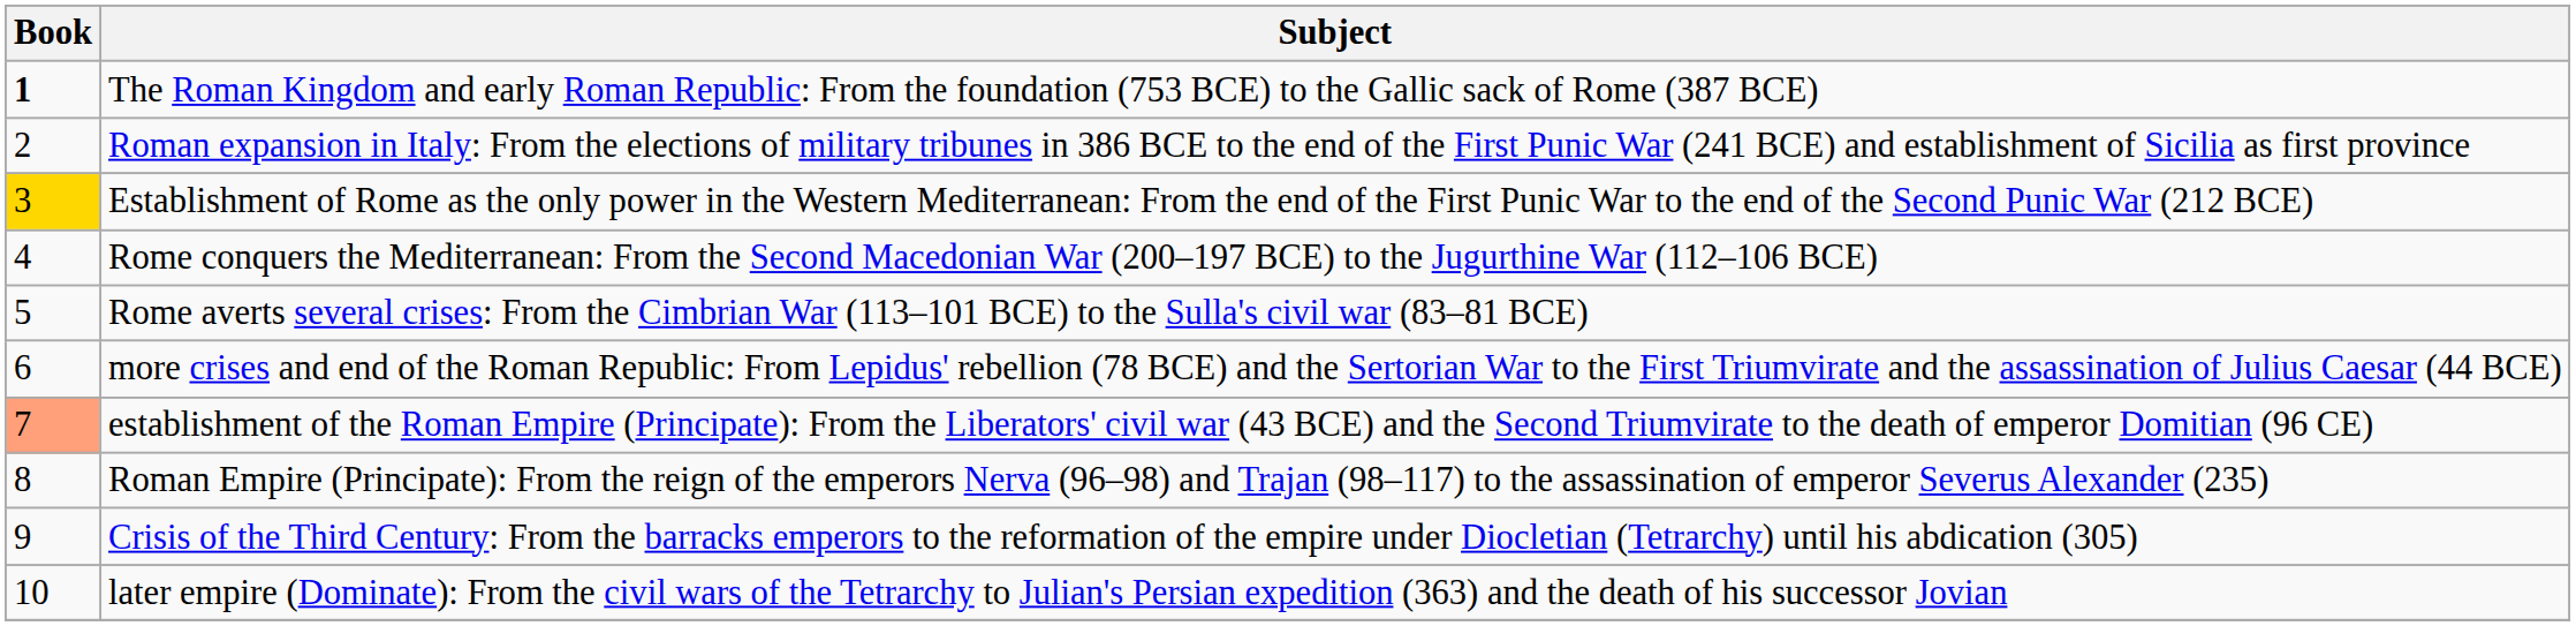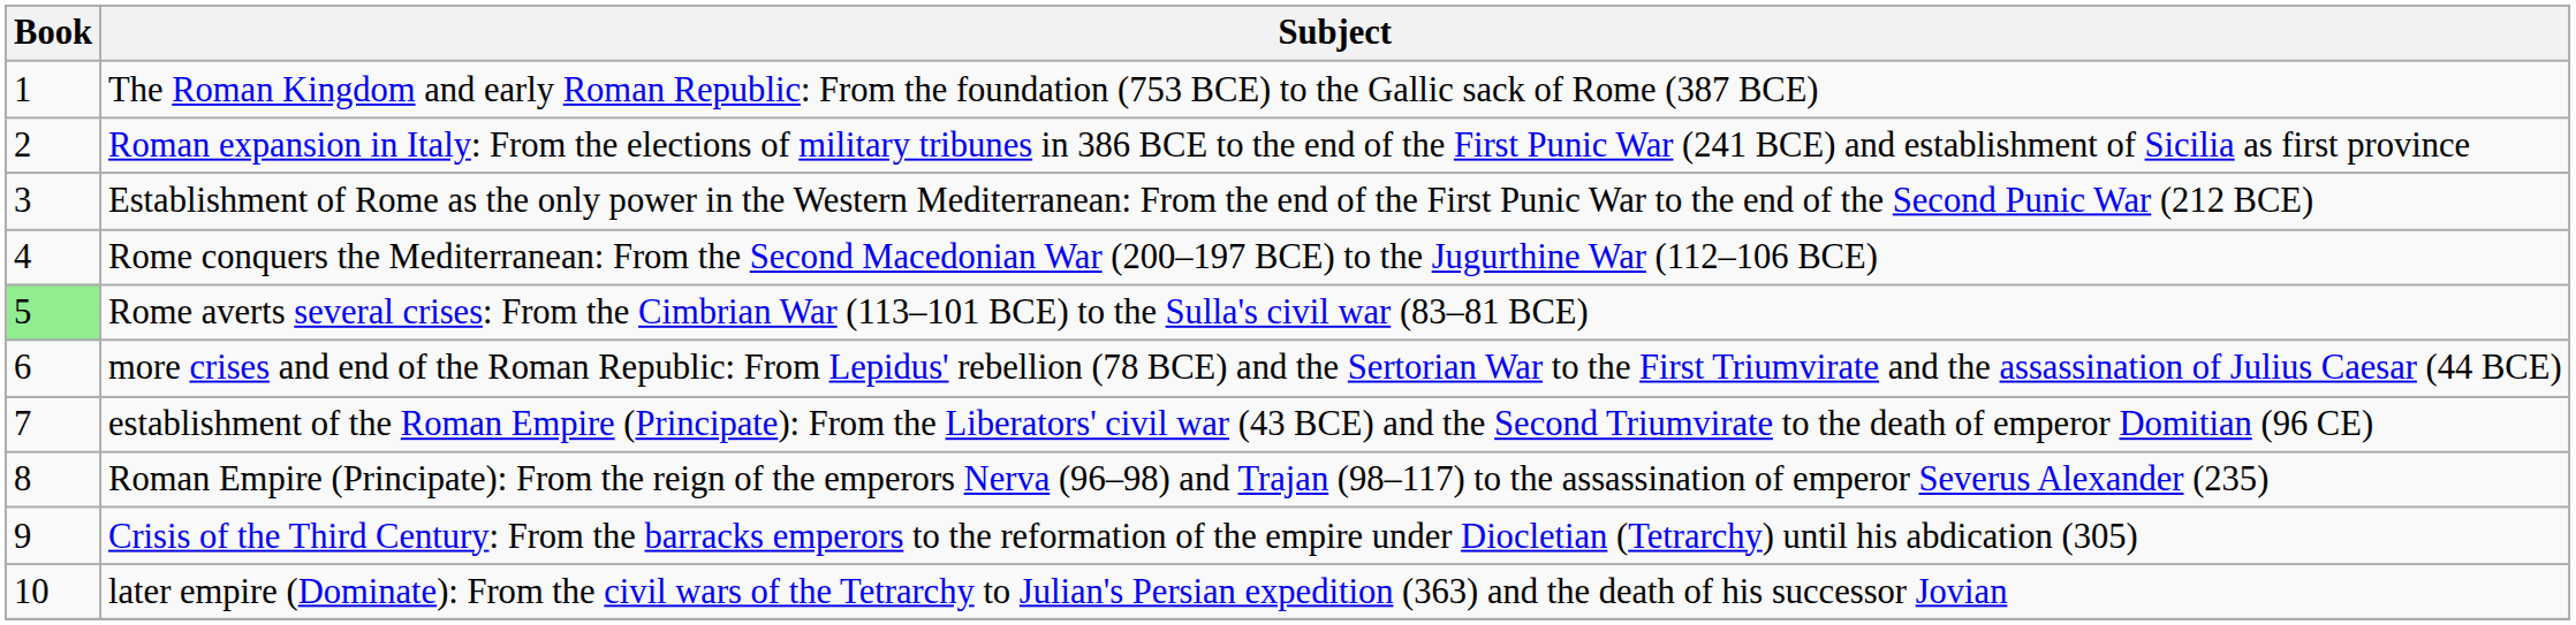 <table class="wikitable">
 <tr>
 <th>Book</th>
 <th>Subject</th>
 </tr>
 <tr>
-<td><strong>1</strong></td>
+<td>1</td>
 <td>The <a href='#'>Roman Kingdom</a> and early <a href='#'>Roman Republic</a>: From the foundation (753 BCE) to the Gallic sack of Rome (387 BCE)</td>
 </tr>
 <tr>
 <td>2</td>
 <td><a href='#'>Roman expansion in Italy</a>: From the elections of <a href='#'>military tribunes</a> in 386 BCE to the end of the <a href='#'>First Punic War</a> (241 BCE) and establishment of <a href='#'>Sicilia</a> as first province</td>
 </tr>
 <tr>
-<td style="background: gold;">3</td>
+<td>3</td>
 <td>Establishment of Rome as the only power in the Western Mediterranean: From the end of the First Punic War to the end of the <a href='#'>Second Punic War</a> (212 BCE)</td>
 </tr>
 <tr>
 <td>4</td>
 <td>Rome conquers the Mediterranean: From the <a href='#'>Second Macedonian War</a> (200–197 BCE) to the <a href='#'>Jugurthine War</a> (112–106 BCE)</td>
 </tr>
 <tr>
-<td>5</td>
+<td style="background: lightgreen;">5</td>
 <td>Rome averts <a href='#'>several crises</a>: From the <a href='#'>Cimbrian War</a> (113–101 BCE) to the <a href='#'>Sulla's civil war</a> (83–81 BCE)</td>
 </tr>
 <tr>
 <td>6</td>
 <td>more <a href='#'>crises</a> and end of the Roman Republic: From <a href='#'>Lepidus'</a> rebellion (78 BCE) and the <a href='#'>Sertorian War</a> to the <a href='#'>First Triumvirate</a> and the <a href='#'>assassination of Julius Caesar</a> (44 BCE)</td>
 </tr>
 <tr>
-<td style="background: lightsalmon;">7</td>
+<td>7</td>
 <td>establishment of the <a href='#'>Roman Empire</a> (<a href='#'>Principate</a>): From the <a href='#'>Liberators' civil war</a> (43 BCE) and the <a href='#'>Second Triumvirate</a> to the death of emperor <a href='#'>Domitian</a> (96 CE)</td>
 </tr>
 <tr>
 <td>8</td>
 <td>Roman Empire (Principate): From the reign of the emperors <a href='#'>Nerva</a> (96–98) and <a href='#'>Trajan</a> (98–117) to the assassination of emperor <a href='#'>Severus Alexander</a> (235)</td>
 </tr>
 <tr>
 <td>9</td>
 <td><a href='#'>Crisis of the Third Century</a>: From the <a href='#'>barracks emperors</a> to the reformation of the empire under <a href='#'>Diocletian</a> (<a href='#'>Tetrarchy</a>) until his abdication (305)</td>
 </tr>
 <tr>
 <td>10</td>
 <td>later empire (<a href='#'>Dominate</a>): From the <a href='#'>civil wars of the Tetrarchy</a> to <a href='#'>Julian's Persian expedition</a> (363) and the death of his successor <a href='#'>Jovian</a></td>
 </tr>
 <tr>
 </tr>
 </table>
